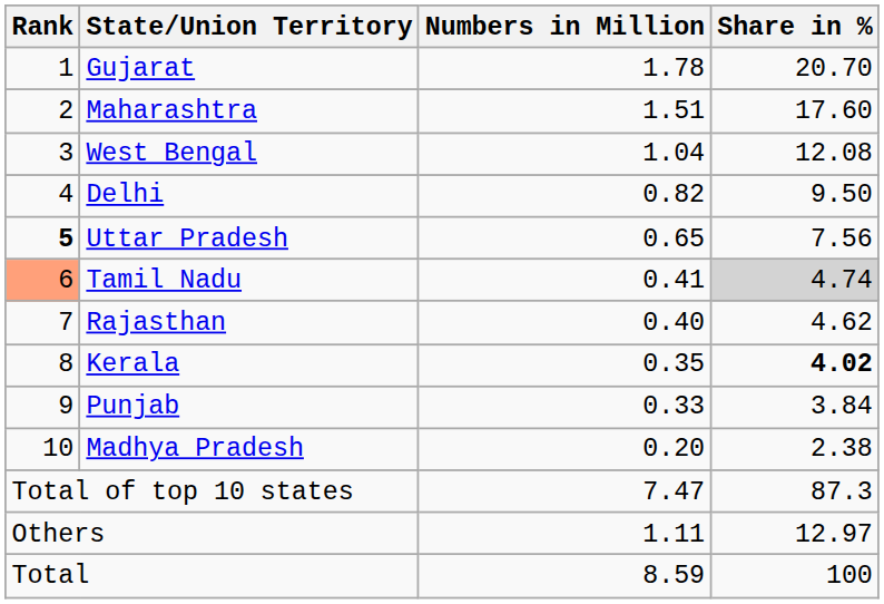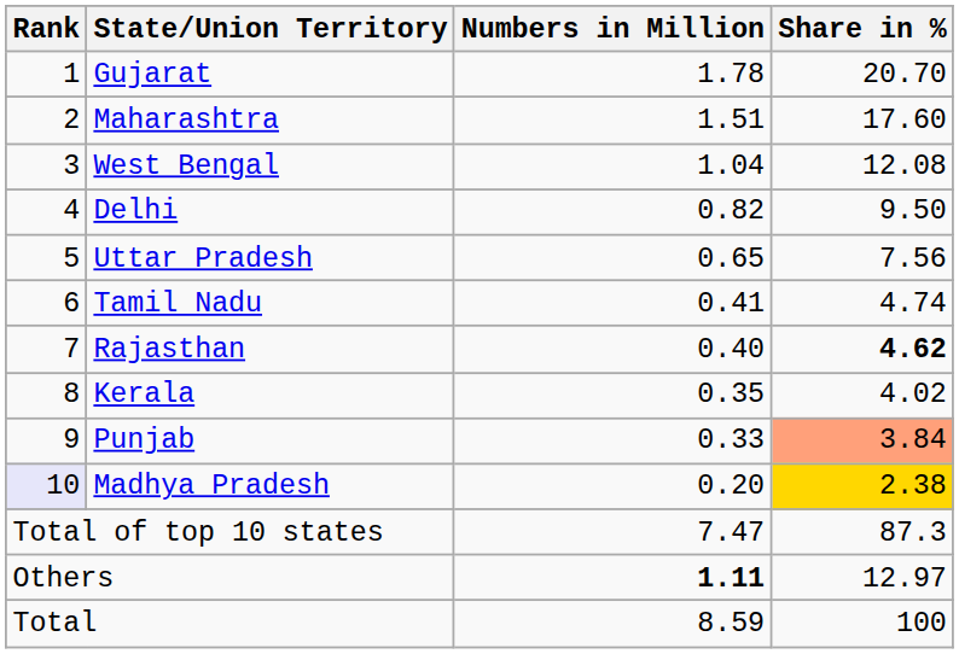 <table class="wikitable" style="text-align:right">
 <tr>
 <th>Rank</th>
 <th>State/Union Territory</th>
 <th>Numbers in Million</th>
 <th>Share in %</th>
 </tr>
 <tr>
 <td>1</td>
 <td style="text-align:left"><a href='#'>Gujarat</a></td>
 <td>1.78</td>
 <td>20.70</td>
 </tr>
 <tr>
 <td>2</td>
 <td style="text-align:left"><a href='#'>Maharashtra</a></td>
 <td>1.51</td>
 <td>17.60</td>
 </tr>
 <tr>
 <td>3</td>
 <td style="text-align:left"><a href='#'>West Bengal</a></td>
 <td>1.04</td>
 <td>12.08</td>
 </tr>
 <tr>
 <td>4</td>
 <td style="text-align:left"><a href='#'>Delhi</a></td>
 <td>0.82</td>
 <td>9.50</td>
 </tr>
 <tr>
-<td><strong>5</strong></td>
+<td>5</td>
 <td style="text-align:left"><a href='#'>Uttar Pradesh</a></td>
 <td>0.65</td>
 <td>7.56</td>
 </tr>
 <tr>
-<td style="background: lightsalmon;">6</td>
+<td>6</td>
 <td style="text-align:left"><a href='#'>Tamil Nadu</a></td>
 <td>0.41</td>
-<td style="background: lightgrey;">4.74</td>
+<td>4.74</td>
 </tr>
 <tr>
 <td>7</td>
 <td style="text-align:left"><a href='#'>Rajasthan</a></td>
 <td>0.40</td>
-<td>4.62</td>
+<td><strong>4.62</strong></td>
 </tr>
 <tr>
 <td>8</td>
 <td style="text-align:left"><a href='#'>Kerala</a></td>
 <td>0.35</td>
-<td><strong>4.02</strong></td>
+<td>4.02</td>
 </tr>
 <tr>
 <td>9</td>
 <td style="text-align:left"><a href='#'>Punjab</a></td>
 <td>0.33</td>
-<td>3.84</td>
+<td style="background: lightsalmon;">3.84</td>
 </tr>
 <tr>
-<td>10</td>
+<td style="background: lavender;">10</td>
 <td style="text-align:left"><a href='#'>Madhya Pradesh</a></td>
 <td>0.20</td>
-<td>2.38</td>
+<td style="background: gold;">2.38</td>
 </tr>
 <tr>
 <td colspan="2" style="text-align:left;">Total of top 10 states</td>
 <td>7.47</td>
 <td>87.3</td>
 </tr>
 <tr>
 <td colspan="2" style="text-align:left;">Others</td>
-<td>1.11</td>
+<td><strong>1.11</strong></td>
 <td>12.97</td>
 </tr>
 <tr>
 <td colspan="2" style="text-align:left;">Total</td>
 <td>8.59</td>
 <td>100</td>
 </tr>
 </table>
